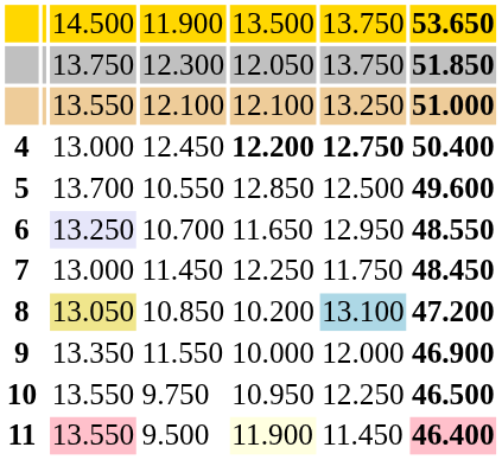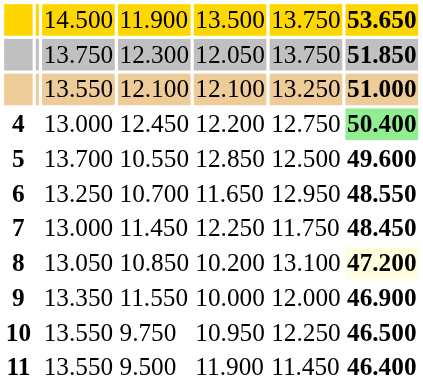 <table>
 <tr style="background-color:gold;">
 <th></th>
 <td align=left></td>
 <td>14.500</td>
 <td>11.900</td>
 <td>13.500</td>
 <td>13.750</td>
 <td><strong>53.650</strong></td>
 </tr>
 <tr style="background-color:silver;">
 <th></th>
 <td align=left></td>
 <td>13.750</td>
 <td>12.300</td>
 <td>12.050</td>
 <td>13.750</td>
 <td><strong>51.850</strong></td>
 </tr>
 <tr style="background-color:#eecc99;">
 <th></th>
 <td align=left></td>
 <td>13.550</td>
 <td>12.100</td>
 <td>12.100</td>
 <td>13.250</td>
 <td><strong>51.000</strong></td>
 </tr>
 <tr>
 <th>4</th>
 <td align=left></td>
 <td>13.000</td>
 <td>12.450</td>
-<td><strong>12.200</strong></td>
-<td><strong>12.750</strong></td>
-<td><strong>50.400</strong></td>
+<td>12.200</td>
+<td>12.750</td>
+<td style="background: lightgreen;"><strong>50.400</strong></td>
 </tr>
 <tr>
 <th>5</th>
 <td align=left></td>
 <td>13.700</td>
 <td>10.550</td>
 <td>12.850</td>
 <td>12.500</td>
 <td><strong>49.600</strong></td>
 </tr>
 <tr>
 <th>6</th>
 <td align=left></td>
-<td style="background: lavender;">13.250</td>
+<td>13.250</td>
 <td>10.700</td>
 <td>11.650</td>
 <td>12.950</td>
 <td><strong>48.550</strong></td>
 </tr>
 <tr>
 <th>7</th>
 <td align=left></td>
 <td>13.000</td>
 <td>11.450</td>
 <td>12.250</td>
 <td>11.750</td>
 <td><strong>48.450</strong></td>
 </tr>
 <tr>
 <th>8</th>
 <td align=left></td>
-<td style="background: khaki;">13.050</td>
+<td>13.050</td>
 <td>10.850</td>
 <td>10.200</td>
-<td style="background: lightblue;">13.100</td>
-<td><strong>47.200</strong></td>
+<td>13.100</td>
+<td style="background: lightyellow;"><strong>47.200</strong></td>
 </tr>
 <tr>
 <th>9</th>
 <td align=left></td>
 <td>13.350</td>
 <td>11.550</td>
 <td>10.000</td>
 <td>12.000</td>
 <td><strong>46.900</strong></td>
 </tr>
 <tr>
 <th>10</th>
 <td align=left></td>
 <td>13.550</td>
 <td>9.750</td>
 <td>10.950</td>
 <td>12.250</td>
 <td><strong>46.500</strong></td>
 </tr>
 <tr>
 <th>11</th>
 <td align=left></td>
-<td style="background: pink;">13.550</td>
+<td>13.550</td>
 <td>9.500</td>
-<td style="background: lightyellow;">11.900</td>
+<td>11.900</td>
 <td>11.450</td>
-<td style="background: pink;"><strong>46.400</strong></td>
+<td><strong>46.400</strong></td>
 </tr>
 </table>
